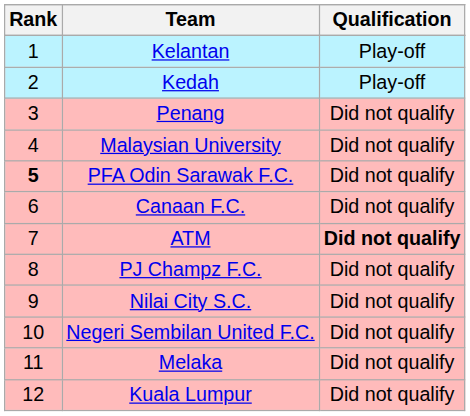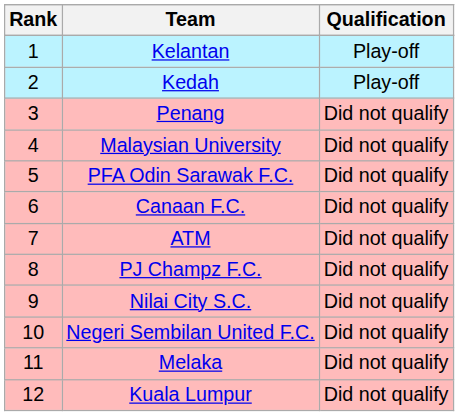 <table class="wikitable" style="text-align:center">
 <tr>
 </tr>
 <tr>
 <th>Rank</th>
 <th>Team</th>
 <th>Qualification</th>
 </tr>
 <tr>
 </tr>
 <tr bgcolor=#BBF3FF>
 <td>1</td>
 <td><a href='#'>Kelantan</a></td>
 <td>Play-off</td>
 </tr>
 <tr bgcolor=#BBF3FF>
 <td>2</td>
 <td><a href='#'>Kedah</a></td>
 <td>Play-off</td>
 </tr>
 <tr bgcolor=#FFBBBB>
 <td>3</td>
 <td><a href='#'>Penang</a></td>
 <td>Did not qualify</td>
 </tr>
 <tr bgcolor=#FFBBBB>
 <td>4</td>
 <td><a href='#'>Malaysian University</a></td>
 <td>Did not qualify</td>
 </tr>
 <tr bgcolor=#FFBBBB>
-<td><strong>5</strong></td>
+<td>5</td>
 <td><a href='#'>PFA Odin Sarawak F.C.</a></td>
 <td>Did not qualify</td>
 </tr>
 <tr bgcolor=#FFBBBB>
 <td>6</td>
 <td><a href='#'>Canaan F.C.</a></td>
 <td>Did not qualify</td>
 </tr>
 <tr bgcolor=#FFBBBB>
 <td>7</td>
 <td><a href='#'>ATM</a></td>
-<td><strong>Did not qualify</strong></td>
+<td>Did not qualify</td>
 </tr>
 <tr bgcolor=#FFBBBB>
 <td>8</td>
 <td><a href='#'>PJ Champz F.C.</a></td>
 <td>Did not qualify</td>
 </tr>
 <tr bgcolor=#FFBBBB>
 <td>9</td>
 <td><a href='#'>Nilai City S.C.</a></td>
 <td>Did not qualify</td>
 </tr>
 <tr bgcolor=#FFBBBB>
 <td>10</td>
 <td><a href='#'>Negeri Sembilan United F.C.</a></td>
 <td>Did not qualify</td>
 </tr>
 <tr bgcolor=#FFBBBB>
 <td>11</td>
 <td><a href='#'>Melaka</a></td>
 <td>Did not qualify</td>
 </tr>
 <tr bgcolor=#FFBBBB>
 <td>12</td>
 <td><a href='#'>Kuala Lumpur</a></td>
 <td>Did not qualify</td>
 </tr>
 </table>
